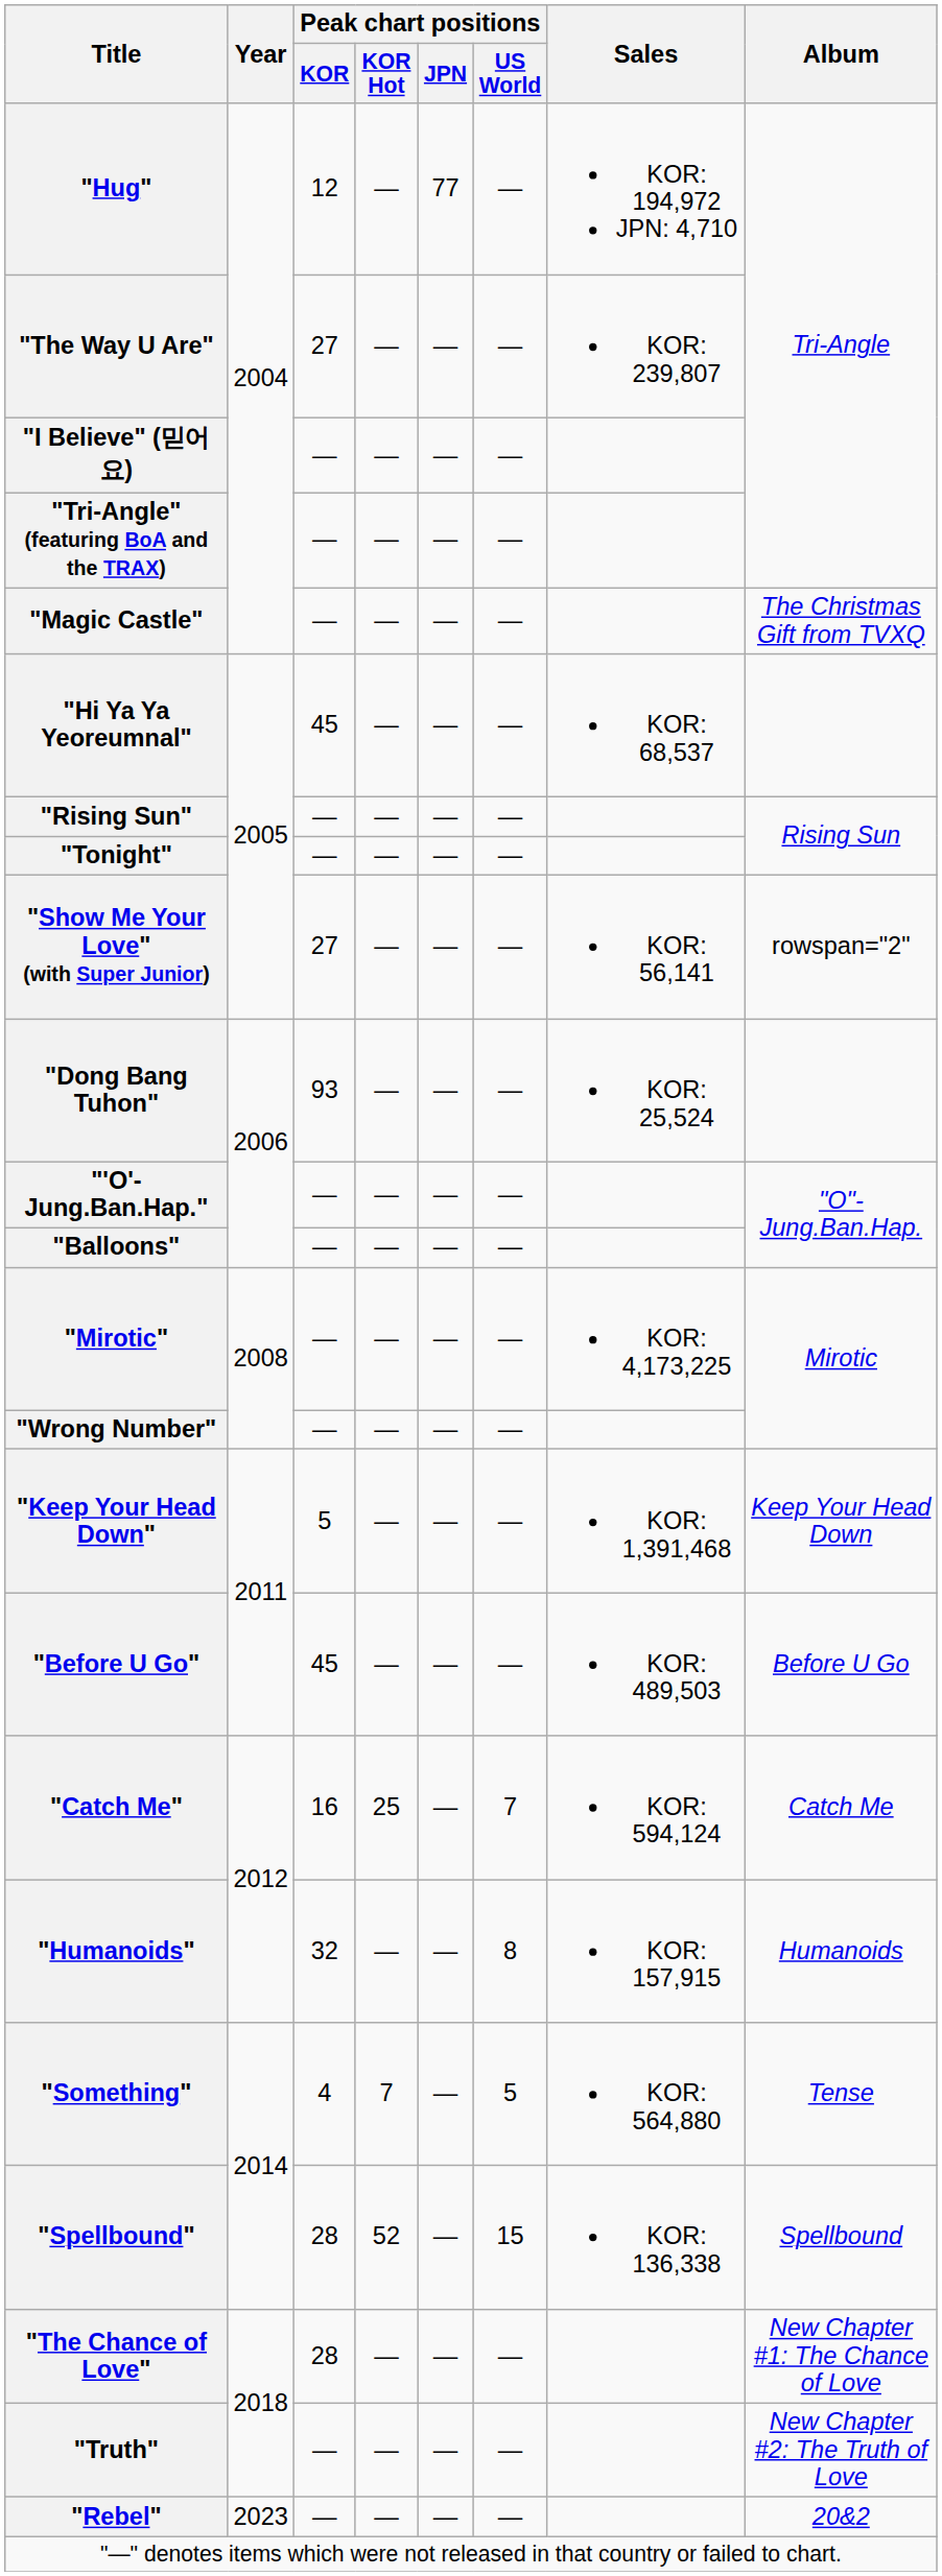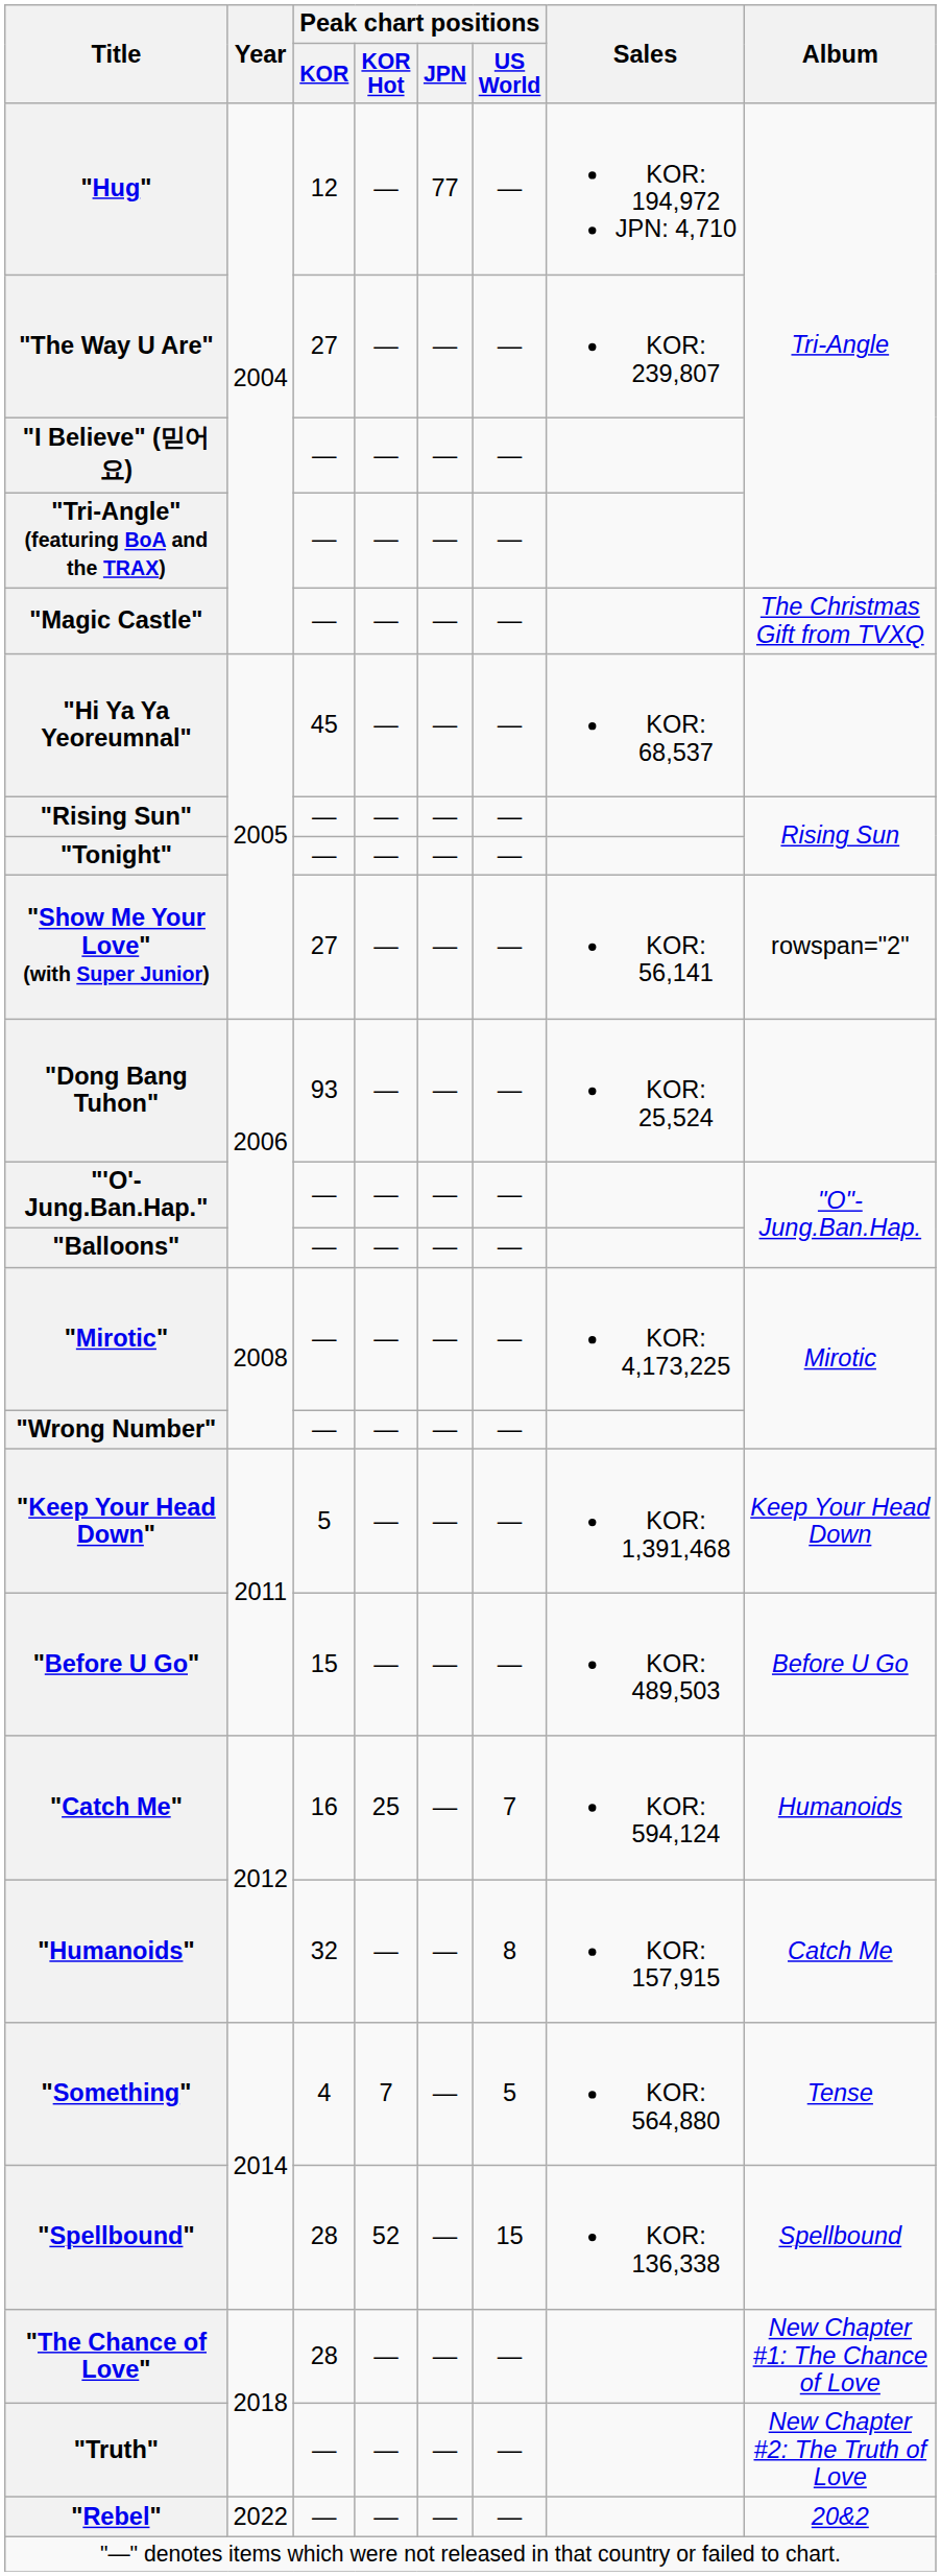 <table class="wikitable plainrowheaders" style="text-align:center">
 <tr>
 <th scope="col" rowspan="2" style="width:16em;">Title</th>
 <th scope="col" rowspan="2">Year</th>
 <th scope="col" colspan="4">Peak chart positions</th>
 <th scope="col" rowspan="2" style="width:12em;">Sales</th>
 <th scope="col" rowspan="2" style="width:12em;">Album</th>
 </tr>
 <tr>
 <th scope="col" style="width:3em;font-size:90%;"><a href='#'>KOR</a><br></th>
 <th scope="col" style="width:3em;font-size:90%;"><a href='#'>KOR<br>Hot</a><br></th>
 <th scope="col" style="width:3em;font-size:90%;"><a href='#'>JPN</a><br></th>
 <th scope="col" style="width:3em;font-size:90%;"><a href='#'>US World</a><br></th>
 </tr>
 <tr>
 <th scope="row">"<a href='#'>Hug</a>"</th>
 <td rowspan="5">2004</td>
 <td>12</td>
 <td>—</td>
 <td>77</td>
 <td>—</td>
 <td><br><ul><li>KOR: 194,972 </li><li>JPN: 4,710 </li></ul></td>
 <td rowspan="4"><em><a href='#'>Tri-Angle</a></em></td>
 </tr>
 <tr>
 <th scope="row">"The Way U Are"</th>
 <td>27</td>
 <td>—</td>
 <td>—</td>
 <td>—</td>
 <td><br><ul><li>KOR: 239,807 </li></ul></td>
 </tr>
 <tr>
 <th scope="row">"I Believe" (믿어요)</th>
 <td>—</td>
 <td>—</td>
 <td>—</td>
 <td>—</td>
 <td></td>
 </tr>
 <tr>
 <th scope="row">"Tri-Angle"<br><small>(featuring <a href='#'>BoA</a> and the <a href='#'>TRAX</a>)</small></th>
 <td>—</td>
 <td>—</td>
 <td>—</td>
 <td>—</td>
 <td></td>
 </tr>
 <tr>
 <th scope="row">"Magic Castle"</th>
 <td>—</td>
 <td>—</td>
 <td>—</td>
 <td>—</td>
 <td></td>
 <td><em><a href='#'>The Christmas Gift from TVXQ</a></em></td>
 </tr>
 <tr>
 <th scope="row">"Hi Ya Ya Yeoreumnal"</th>
 <td rowspan="4">2005</td>
 <td>45</td>
 <td>—</td>
 <td>—</td>
 <td>—</td>
 <td><br><ul><li>KOR: 68,537 </li></ul></td>
 <td></td>
 </tr>
 <tr>
 <th scope="row">"Rising Sun"</th>
 <td>—</td>
 <td>—</td>
 <td>—</td>
 <td>—</td>
 <td></td>
 <td rowspan="2"><em><a href='#'>Rising Sun</a></em></td>
 </tr>
 <tr>
 <th scope="row">"Tonight"</th>
 <td>—</td>
 <td>—</td>
 <td>—</td>
 <td>—</td>
 <td></td>
 </tr>
 <tr>
 <th scope="row">"<a href='#'>Show Me Your Love</a>"<br><small>(with <a href='#'>Super Junior</a>)</small></th>
 <td>27</td>
 <td>—</td>
 <td>—</td>
 <td>—</td>
 <td><br><ul><li>KOR: 56,141 </li></ul></td>
 <td>rowspan="2" </td>
 </tr>
 <tr>
 <th scope="row">"Dong Bang Tuhon"</th>
 <td rowspan="3">2006</td>
 <td>93</td>
 <td>—</td>
 <td>—</td>
 <td>—</td>
 <td><br><ul><li>KOR: 25,524 </li></ul></td>
 </tr>
 <tr>
 <th scope="row">"'O'-Jung.Ban.Hap."</th>
 <td>—</td>
 <td>—</td>
 <td>—</td>
 <td>—</td>
 <td></td>
 <td rowspan="2"><em><a href='#'>"O"-Jung.Ban.Hap.</a></em></td>
 </tr>
 <tr>
 <th scope="row">"Balloons"</th>
 <td>—</td>
 <td>—</td>
 <td>—</td>
 <td>—</td>
 <td></td>
 </tr>
 <tr>
 <th scope="row">"<a href='#'>Mirotic</a>"</th>
 <td rowspan="2">2008</td>
 <td>—</td>
 <td>—</td>
 <td>—</td>
 <td>—</td>
 <td><br><ul><li>KOR: 4,173,225</li></ul></td>
 <td rowspan="2"><em><a href='#'>Mirotic</a></em></td>
 </tr>
 <tr>
 <th scope="row">"Wrong Number"</th>
 <td>—</td>
 <td>—</td>
 <td>—</td>
 <td>—</td>
 <td></td>
 </tr>
 <tr>
 <th scope="row">"<a href='#'>Keep Your Head Down</a>"<br></th>
 <td rowspan="2">2011</td>
 <td>5</td>
 <td>—</td>
 <td>—</td>
 <td>—</td>
 <td><br><ul><li>KOR: 1,391,468</li></ul></td>
 <td><em><a href='#'>Keep Your Head Down</a></em></td>
 </tr>
 <tr>
 <th scope="row">"<a href='#'>Before U Go</a>"</th>
-<td>45</td>
+<td>15</td>
 <td>—</td>
 <td>—</td>
 <td>—</td>
 <td><br><ul><li>KOR: 489,503</li></ul></td>
 <td><em><a href='#'>Before U Go</a></em></td>
 </tr>
 <tr>
 <th scope="row">"<a href='#'>Catch Me</a>"</th>
 <td rowspan="2">2012</td>
 <td>16</td>
 <td>25</td>
 <td>—</td>
 <td>7</td>
 <td><br><ul><li>KOR: 594,124</li></ul></td>
-<td><em><a href='#'>Catch Me</a></em></td>
+<td><em><a href='#'>Humanoids</a></em></td>
 </tr>
 <tr>
 <th scope="row">"<a href='#'>Humanoids</a>"</th>
 <td>32</td>
 <td>—</td>
 <td>—</td>
 <td>8</td>
 <td><br><ul><li>KOR: 157,915</li></ul></td>
-<td><em><a href='#'>Humanoids</a></em></td>
+<td><em><a href='#'>Catch Me</a></em></td>
 </tr>
 <tr>
 <th scope="row">"<a href='#'>Something</a>"</th>
 <td rowspan="2">2014</td>
 <td>4</td>
 <td>7</td>
 <td>—</td>
 <td>5</td>
 <td><br><ul><li>KOR: 564,880</li></ul></td>
 <td><em><a href='#'>Tense</a></em></td>
 </tr>
 <tr>
 <th scope="row">"<a href='#'>Spellbound</a>"</th>
 <td>28</td>
 <td>52</td>
 <td>—</td>
 <td>15</td>
 <td><br><ul><li>KOR: 136,338</li></ul></td>
 <td><em><a href='#'>Spellbound</a></em></td>
 </tr>
 <tr>
 <th scope="row">"<a href='#'>The Chance of Love</a>"</th>
 <td rowspan="2">2018</td>
 <td>28</td>
 <td>—</td>
 <td>—</td>
 <td>—</td>
 <td></td>
 <td><em><a href='#'>New Chapter #1: The Chance of Love</a></em></td>
 </tr>
 <tr>
 <th scope="row">"Truth"</th>
 <td>—</td>
 <td>—</td>
 <td>—</td>
 <td>—</td>
 <td></td>
 <td><em><a href='#'>New Chapter #2: The Truth of Love</a></em></td>
 </tr>
 <tr>
 <th scope="row">"<a href='#'>Rebel</a>"</th>
-<td>2023</td>
+<td>2022</td>
 <td>—</td>
 <td>—</td>
 <td>—</td>
 <td>—</td>
 <td></td>
 <td><em><a href='#'>20&2</a></em></td>
 </tr>
 <tr>
 <td colspan="15" style="font-size:90%;">"—" denotes items which were not released in that country or failed to chart.</td>
 </tr>
 </table>
